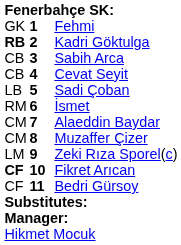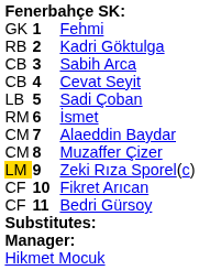 <table style="font-size: 90%" cellspacing="0" cellpadding="0" align=center>
 <tr>
 <td colspan="4"><strong>Fenerbahçe SK:</strong></td>
 </tr>
 <tr>
 <th width="25"></th>
 <th width="25"></th>
 </tr>
 <tr>
 <td>GK</td>
 <td><strong>1</strong></td>
 <td> <a href='#'>Fehmi</a></td>
 </tr>
 <tr>
-<td><strong>RB</strong></td>
+<td>RB</td>
 <td><strong>2</strong></td>
 <td> <a href='#'>Kadri Göktulga</a></td>
 </tr>
 <tr>
 <td>CB</td>
 <td><strong>3</strong></td>
 <td> <a href='#'>Sabih Arca</a></td>
 </tr>
 <tr>
 <td>CB</td>
 <td><strong>4</strong></td>
 <td> <a href='#'>Cevat Seyit</a></td>
 </tr>
 <tr>
 <td>LB</td>
 <td><strong>5</strong></td>
 <td> <a href='#'>Sadi Çoban</a></td>
 </tr>
 <tr>
 <td>RM</td>
 <td><strong>6</strong></td>
 <td> <a href='#'>İsmet</a></td>
 </tr>
 <tr>
 <td>CM</td>
 <td><strong>7</strong></td>
 <td> <a href='#'>Alaeddin Baydar</a></td>
 </tr>
 <tr>
 <td>CM</td>
 <td><strong>8</strong></td>
 <td> <a href='#'>Muzaffer Çizer</a></td>
 </tr>
 <tr>
-<td>LM</td>
+<td style="background: gold;">LM</td>
 <td><strong>9</strong></td>
 <td> <a href='#'>Zeki Rıza Sporel</a>(<a href='#'>c</a>)</td>
 </tr>
 <tr>
-<td><strong>CF</strong></td>
+<td>CF</td>
 <td><strong>10</strong></td>
 <td> <a href='#'>Fikret Arıcan</a></td>
 </tr>
 <tr>
 <td>CF</td>
 <td><strong>11</strong></td>
 <td> <a href='#'>Bedri Gürsoy</a></td>
 </tr>
 <tr>
 <td colspan=4><strong>Substitutes:</strong></td>
 </tr>
 <tr>
 <td colspan=4><strong>Manager:</strong></td>
 </tr>
 <tr>
 <td colspan="4"> <a href='#'>Hikmet Mocuk</a></td>
 </tr>
 </table>
